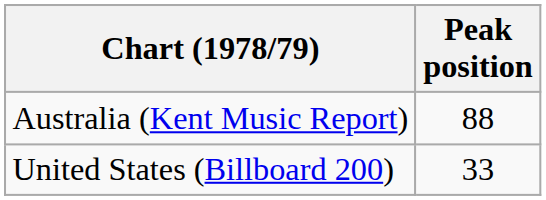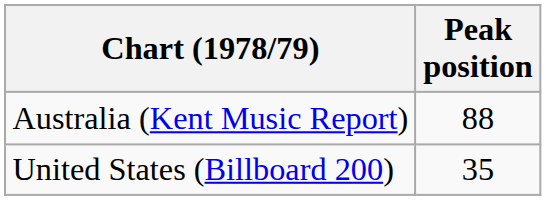 <table class="wikitable">
 <tr>
 <th scope="col">Chart (1978/79)</th>
 <th>Peak<br>position</th>
 </tr>
 <tr>
 <td>Australia (<a href='#'>Kent Music Report</a>)</td>
 <td style="text-align:center;">88</td>
 </tr>
 <tr>
 <td>United States (<a href='#'>Billboard 200</a>)</td>
-<td style="text-align:center;">33</td>
+<td style="text-align:center;">35</td>
 </tr>
 </table>
